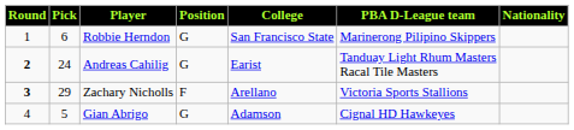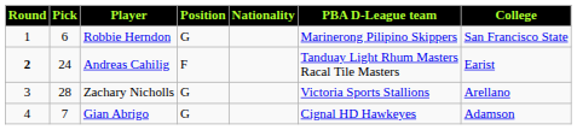 <table class="wikitable sortable sortable">
 <tr>
 <th style="background:#000000; color:#ADFF2F; ">Round</th>
 <th style="background:#000000; color:#ADFF2F; ">Pick</th>
 <th style="background:#000000; color:#ADFF2F; ">Player</th>
 <th style="background:#000000; color:#ADFF2F; ">Position</th>
+<th style="background:#000000; color:#ADFF2F; ">Nationality</th>
+<th style="background:#000000; color:#ADFF2F; ">PBA D-League team</th>
 <th style="background:#000000; color:#ADFF2F; ">College</th>
-<th style="background:#000000; color:#ADFF2F; ">PBA D-League team</th>
-<th style="background:#000000; color:#ADFF2F; ">Nationality</th>
 </tr>
 <tr>
 <td align=center>1</td>
 <td align=center>6</td>
 <td><a href='#'>Robbie Herndon</a></td>
 <td>G</td>
+<td></td>
+<td><a href='#'>Marinerong Pilipino Skippers</a></td>
 <td><a href='#'>San Francisco State</a></td>
-<td><a href='#'>Marinerong Pilipino Skippers</a></td>
-<td></td>
 </tr>
 <tr>
 <td align=center><strong>2</strong></td>
 <td align=center>24</td>
 <td><a href='#'>Andreas Cahilig</a></td>
-<td>G</td>
+<td>F</td>
+<td></td>
+<td><a href='#'>Tanduay Light Rhum Masters</a> <br> Racal Tile Masters</td>
 <td><a href='#'>Earist</a></td>
-<td><a href='#'>Tanduay Light Rhum Masters</a> <br> Racal Tile Masters</td>
-<td></td>
 </tr>
 <tr>
-<td align=center><strong>3</strong></td>
-<td align=center>29</td>
+<td align=center>3</td>
+<td align=center>28</td>
 <td>Zachary Nicholls</td>
-<td>F</td>
+<td>G</td>
+<td></td>
+<td><a href='#'>Victoria Sports Stallions</a></td>
 <td><a href='#'>Arellano</a></td>
-<td><a href='#'>Victoria Sports Stallions</a></td>
-<td></td>
 </tr>
 <tr>
 <td align=center>4</td>
-<td align=center>5</td>
+<td align=center>7</td>
 <td><a href='#'>Gian Abrigo</a></td>
 <td>G</td>
+<td></td>
+<td><a href='#'>Cignal HD Hawkeyes</a></td>
 <td><a href='#'>Adamson</a></td>
-<td><a href='#'>Cignal HD Hawkeyes</a></td>
-<td></td>
 </tr>
 </table>
